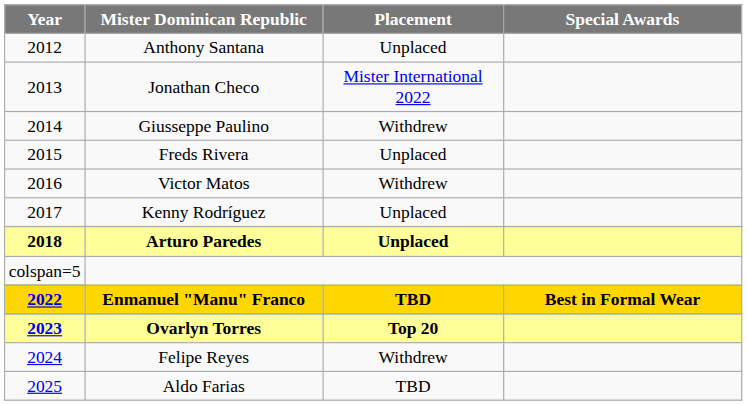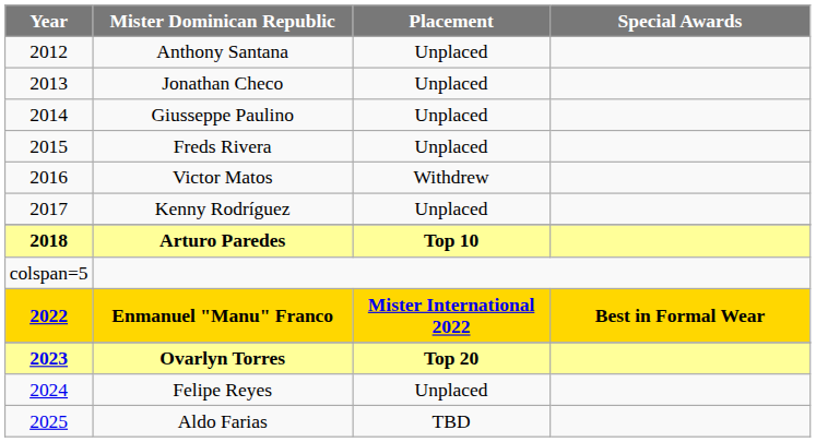 <table class="wikitable sortable" style="font-size: 95%; text-align:center">
 <tr>
 <th width="20" style="background-color:#787878;color:#FFFFFF;">Year</th>
 <th width="200" style="background-color:#787878;color:#FFFFFF;">Mister Dominican Republic</th>
 <th width="150" style="background-color:#787878;color:#FFFFFF;">Placement</th>
 <th width="200" style="background-color:#787878;color:#FFFFFF;">Special Awards</th>
 </tr>
 <tr>
 <td>2012</td>
 <td>Anthony Santana</td>
 <td>Unplaced</td>
 <td></td>
 </tr>
 <tr>
 <td>2013</td>
 <td>Jonathan Checo</td>
-<td><a href='#'>Mister International 2022</a></td>
+<td>Unplaced</td>
 <td></td>
 </tr>
 <tr>
 <td>2014</td>
 <td>Giusseppe Paulino</td>
-<td>Withdrew</td>
+<td>Unplaced</td>
 <td></td>
 </tr>
 <tr>
 <td>2015</td>
 <td>Freds Rivera</td>
 <td>Unplaced</td>
 <td></td>
 </tr>
 <tr>
 <td>2016</td>
 <td>Victor Matos</td>
 <td>Withdrew</td>
 <td></td>
 </tr>
 <tr>
 <td>2017</td>
 <td>Kenny Rodríguez</td>
 <td>Unplaced</td>
 <td></td>
 </tr>
 <tr>
 </tr>
 <tr style="background-color:#FFFF99; font-weight: bold">
 <td>2018</td>
 <td>Arturo Paredes</td>
-<td>Unplaced</td>
+<td>Top 10</td>
 <td></td>
 </tr>
 <tr>
 <td>colspan=5 </td>
 </tr>
 <tr>
 </tr>
 <tr style="background-color:gold; font-weight: bold">
 <td><a href='#'>2022</a></td>
 <td>Enmanuel "Manu" Franco</td>
-<td>TBD</td>
+<td><a href='#'>Mister International 2022</a></td>
 <td>Best in Formal Wear</td>
 </tr>
 <tr>
 </tr>
 <tr style="background-color:#FFFF99; font-weight: bold">
 <td><a href='#'>2023</a></td>
 <td>Ovarlyn Torres</td>
 <td><strong>Top 20</strong></td>
 <td></td>
 </tr>
 <tr>
 <td><a href='#'>2024</a></td>
 <td>Felipe Reyes</td>
-<td>Withdrew</td>
+<td>Unplaced</td>
 <td></td>
 </tr>
 <tr>
 <td><a href='#'>2025</a></td>
 <td>Aldo Farias</td>
 <td>TBD</td>
 <td></td>
 </tr>
 </table>
